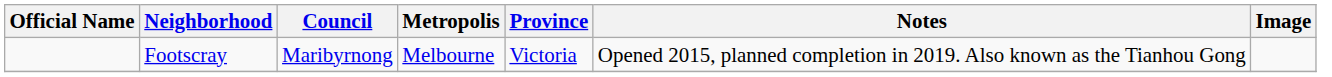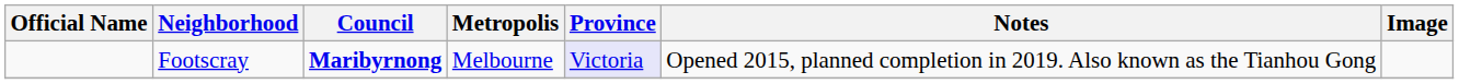 <table class="wikitable sortable">
 <tr>
 <th>Official Name</th>
 <th><a href='#'>Neighborhood</a></th>
 <th><a href='#'>Council</a></th>
 <th>Metropolis</th>
 <th><a href='#'>Province</a></th>
 <th>Notes</th>
 <th>Image</th>
 </tr>
 <tr>
 <td></td>
 <td><a href='#'>Footscray</a></td>
-<td><a href='#'>Maribyrnong</a></td>
+<td><strong><a href='#'>Maribyrnong</a></strong></td>
 <td><a href='#'>Melbourne</a></td>
-<td><a href='#'>Victoria</a></td>
+<td style="background: lavender;"><a href='#'>Victoria</a></td>
 <td>Opened 2015, planned completion in 2019. Also known as the Tianhou Gong</td>
 <td></td>
 </tr>
 <tr>
 </tr>
 </table>
